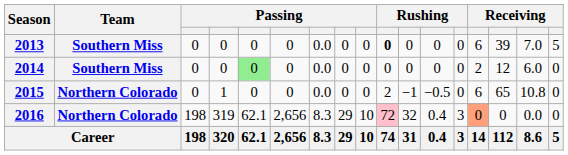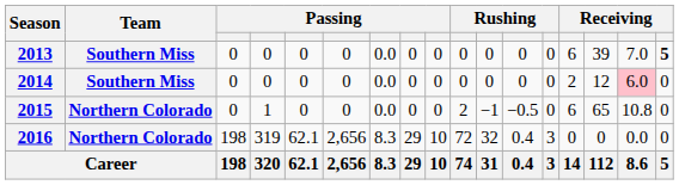 <table class="wikitable" style="text-align:center;">
 <tr>
 <th rowspan="2">Season</th>
 <th rowspan="2">Team</th>
 <th colspan="7">Passing</th>
 <th colspan="4">Rushing</th>
 <th colspan="4">Receiving</th>
 </tr>
 <tr>
 <th></th>
 <th></th>
 <th></th>
 <th></th>
 <th></th>
 <th></th>
 <th></th>
 <th></th>
 <th></th>
 <th></th>
 <th></th>
 <th></th>
 <th></th>
 <th></th>
 <th></th>
 </tr>
 <tr>
 <th><a href='#'>2013</a></th>
 <th><a href='#'>Southern Miss</a></th>
 <td>0</td>
 <td>0</td>
 <td>0</td>
 <td>0</td>
 <td>0.0</td>
 <td>0</td>
 <td>0</td>
-<td><strong>0</strong></td>
+<td>0</td>
 <td>0</td>
 <td>0</td>
 <td>0</td>
 <td>6</td>
 <td>39</td>
 <td>7.0</td>
-<td>5</td>
+<td><strong>5</strong></td>
 </tr>
 <tr>
 <th><a href='#'>2014</a></th>
 <th><a href='#'>Southern Miss</a></th>
 <td>0</td>
 <td>0</td>
-<td style="background: lightgreen;">0</td>
+<td>0</td>
 <td>0</td>
 <td>0.0</td>
 <td>0</td>
 <td>0</td>
 <td>0</td>
 <td>0</td>
 <td>0</td>
 <td>0</td>
 <td>2</td>
 <td>12</td>
-<td>6.0</td>
+<td style="background: pink;">6.0</td>
 <td>0</td>
 </tr>
 <tr>
 <th><a href='#'>2015</a></th>
 <th><a href='#'>Northern Colorado</a></th>
 <td>0</td>
 <td>1</td>
 <td>0</td>
 <td>0</td>
 <td>0.0</td>
 <td>0</td>
 <td>0</td>
 <td>2</td>
 <td>−1</td>
 <td>−0.5</td>
 <td>0</td>
 <td>6</td>
 <td>65</td>
 <td>10.8</td>
 <td>0</td>
 </tr>
 <tr>
 <th><a href='#'>2016</a></th>
 <th><a href='#'>Northern Colorado</a></th>
 <td>198</td>
 <td>319</td>
 <td>62.1</td>
 <td>2,656</td>
 <td>8.3</td>
 <td>29</td>
 <td>10</td>
-<td style="background: pink;">72</td>
+<td>72</td>
 <td>32</td>
 <td>0.4</td>
 <td>3</td>
-<td style="background: lightsalmon;">0</td>
+<td>0</td>
 <td>0</td>
 <td>0.0</td>
 <td>0</td>
 </tr>
 <tr>
 <th colspan="2">Career</th>
 <th>198</th>
 <th>320</th>
 <th>62.1</th>
 <th>2,656</th>
 <th>8.3</th>
 <th>29</th>
 <th>10</th>
 <th>74</th>
 <th>31</th>
 <th>0.4</th>
 <th>3</th>
 <th>14</th>
 <th>112</th>
 <th>8.6</th>
 <th>5</th>
 </tr>
 </table>
